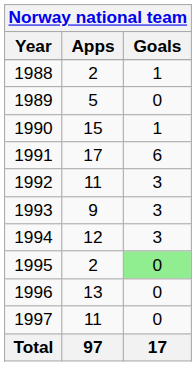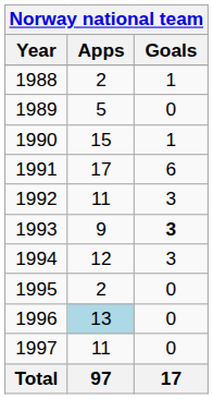 <table class="wikitable" style="text-align:center">
 <tr>
 <th colspan=3><a href='#'>Norway national team</a></th>
 </tr>
 <tr>
 <th>Year</th>
 <th>Apps</th>
 <th>Goals</th>
 </tr>
 <tr>
 </tr>
 <tr>
 <td>1988</td>
 <td>2</td>
 <td>1</td>
 </tr>
 <tr>
 <td>1989</td>
 <td>5</td>
 <td>0</td>
 </tr>
 <tr>
 <td>1990</td>
 <td>15</td>
 <td>1</td>
 </tr>
 <tr>
 <td>1991</td>
 <td>17</td>
 <td>6</td>
 </tr>
 <tr>
 <td>1992</td>
 <td>11</td>
 <td>3</td>
 </tr>
 <tr>
 <td>1993</td>
 <td>9</td>
-<td>3</td>
+<td><strong>3</strong></td>
 </tr>
 <tr>
 <td>1994</td>
 <td>12</td>
 <td>3</td>
 </tr>
 <tr>
 <td>1995</td>
 <td>2</td>
-<td style="background: lightgreen;">0</td>
+<td>0</td>
 </tr>
 <tr>
 <td>1996</td>
-<td>13</td>
+<td style="background: lightblue;">13</td>
 <td>0</td>
 </tr>
 <tr>
 <td>1997</td>
 <td>11</td>
 <td>0</td>
 </tr>
 <tr>
 <th>Total</th>
 <th>97</th>
 <th>17</th>
 </tr>
 </table>
